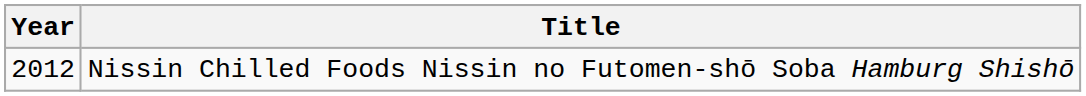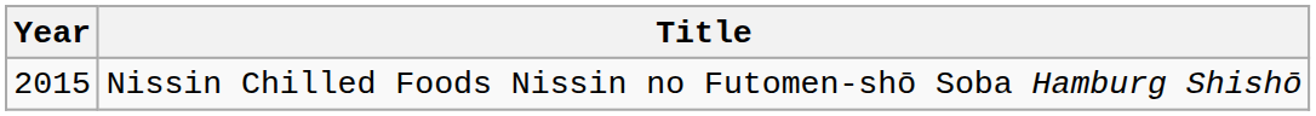 <table class="wikitable">
 <tr>
 <th>Year</th>
 <th>Title</th>
 </tr>
 <tr>
-<td>2012</td>
+<td>2015</td>
 <td>Nissin Chilled Foods Nissin no Futomen-shō Soba <em>Hamburg Shishō</em></td>
 </tr>
 </table>
